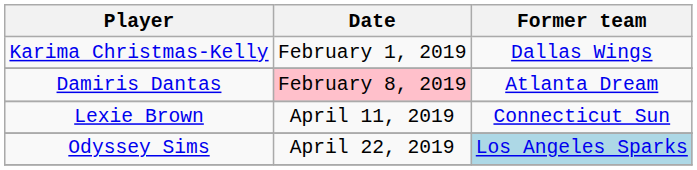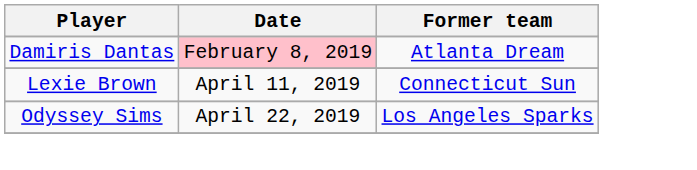 <table class="wikitable sortable sortable">
 <tr>
 <th>Player</th>
 <th>Date</th>
 <th>Former team</th>
-</tr>
-<tr style="text-align: center">
-<td><a href='#'>Karima Christmas-Kelly</a></td>
-<td>February 1, 2019</td>
-<td><a href='#'>Dallas Wings</a></td>
 </tr>
 <tr>
 </tr>
 <tr style="text-align: center">
 <td><a href='#'>Damiris Dantas</a></td>
 <td style="background: pink;">February 8, 2019</td>
 <td><a href='#'>Atlanta Dream</a></td>
 </tr>
 <tr>
 </tr>
 <tr style="text-align: center">
 <td><a href='#'>Lexie Brown</a></td>
 <td>April 11, 2019</td>
 <td><a href='#'>Connecticut Sun</a></td>
 </tr>
 <tr>
 </tr>
 <tr style="text-align: center">
 <td><a href='#'>Odyssey Sims</a></td>
 <td>April 22, 2019</td>
-<td style="background: lightblue;"><a href='#'>Los Angeles Sparks</a></td>
+<td><a href='#'>Los Angeles Sparks</a></td>
 </tr>
 <tr>
 </tr>
 </table>
